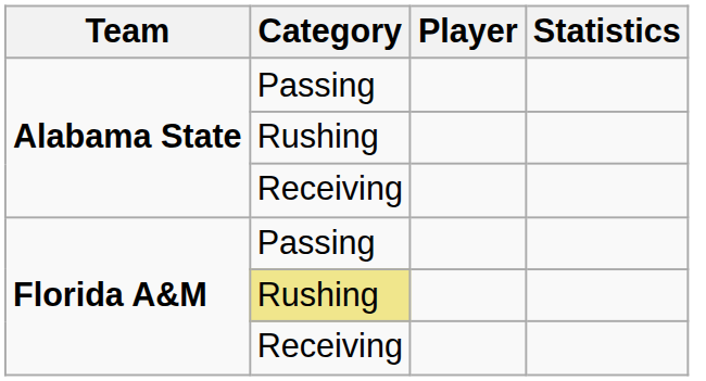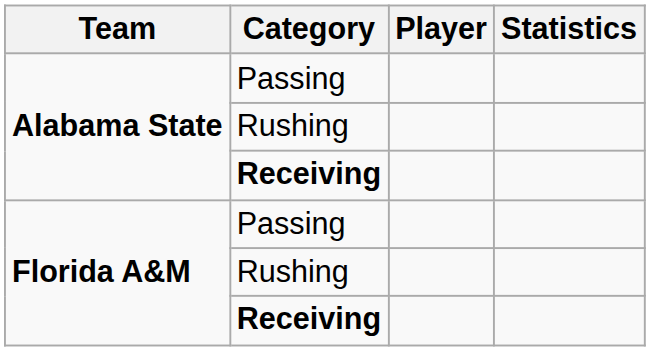 <table class="wikitable" style="float: left;">
 <tr>
 <th>Team</th>
 <th>Category</th>
 <th>Player</th>
 <th>Statistics</th>
 </tr>
 <tr>
 <td rowspan=3><strong>Alabama State</strong></td>
 <td>Passing</td>
 <td> </td>
 <td> </td>
 </tr>
 <tr>
 <td>Rushing</td>
 <td> </td>
 <td> </td>
 </tr>
 <tr>
-<td>Receiving</td>
+<td><strong>Receiving</strong></td>
 <td> </td>
 <td> </td>
 </tr>
 <tr>
 <td rowspan=3><strong>Florida A&M</strong></td>
 <td>Passing</td>
 <td> </td>
 <td> </td>
 </tr>
 <tr>
-<td style="background: khaki;">Rushing</td>
+<td>Rushing</td>
 <td> </td>
 <td> </td>
 </tr>
 <tr>
-<td>Receiving</td>
+<td><strong>Receiving</strong></td>
 <td> </td>
 <td> </td>
 </tr>
 </table>
